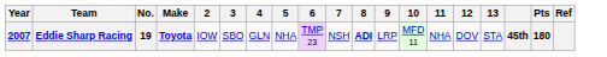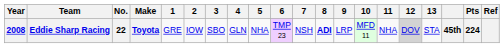 <table class="wikitable" style="text-align:center; font-size:75%">
 <tr>
 <th>Year</th>
 <th>Team</th>
 <th>No.</th>
 <th>Make</th>
+<th>1</th>
 <th>2</th>
 <th>3</th>
 <th>4</th>
 <th>5</th>
 <th>6</th>
 <th>7</th>
 <th>8</th>
 <th>9</th>
 <th>10</th>
 <th>11</th>
 <th>12</th>
 <th>13</th>
 <th></th>
 <th>Pts</th>
 <th>Ref</th>
 </tr>
 <tr>
-<th><a href='#'>2007</a></th>
+<th><a href='#'>2008</a></th>
 <th><a href='#'>Eddie Sharp Racing</a></th>
-<th>19</th>
+<th>22</th>
 <th><a href='#'>Toyota</a></th>
+<td><a href='#'>GRE</a><small></small></td>
 <td><a href='#'>IOW</a><small></small></td>
 <td><a href='#'>SBO</a><small></small></td>
 <td><a href='#'>GLN</a><small></small></td>
 <td><a href='#'>NHA</a><small></small></td>
 <td style="background-color:#EFCFFF;"><a href='#'>TMP</a><br><small>23</small></td>
 <td><a href='#'>NSH</a><small></small></td>
 <td><strong><a href='#'>ADI</a><small></small></strong></td>
 <td><a href='#'>LRP</a><small></small></td>
 <td style="background-color:#DFFFDF;"><a href='#'>MFD</a><br><small>11</small></td>
 <td><a href='#'>NHA</a><small></small></td>
-<td><a href='#'>DOV</a><small></small></td>
+<td style="background: lightgrey;"><a href='#'>DOV</a><small></small></td>
 <td><a href='#'>STA</a></td>
 <th>45th</th>
-<th>180</th>
+<th>224</th>
 <th></th>
 </tr>
 </table>
